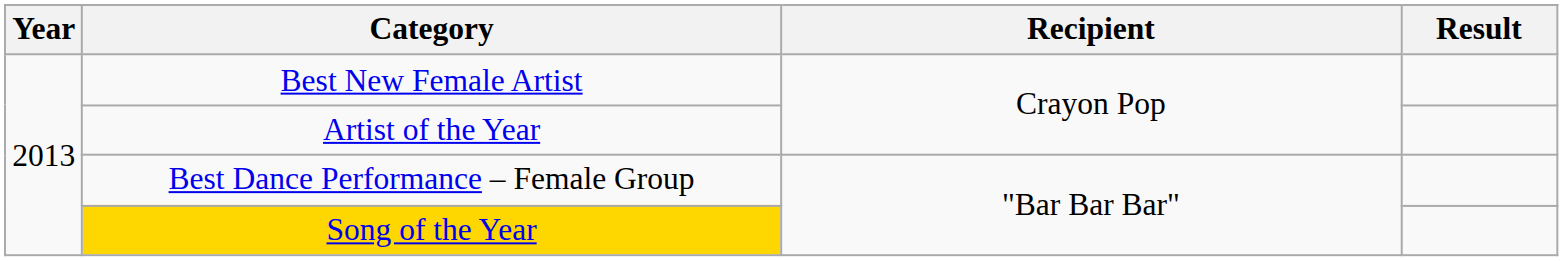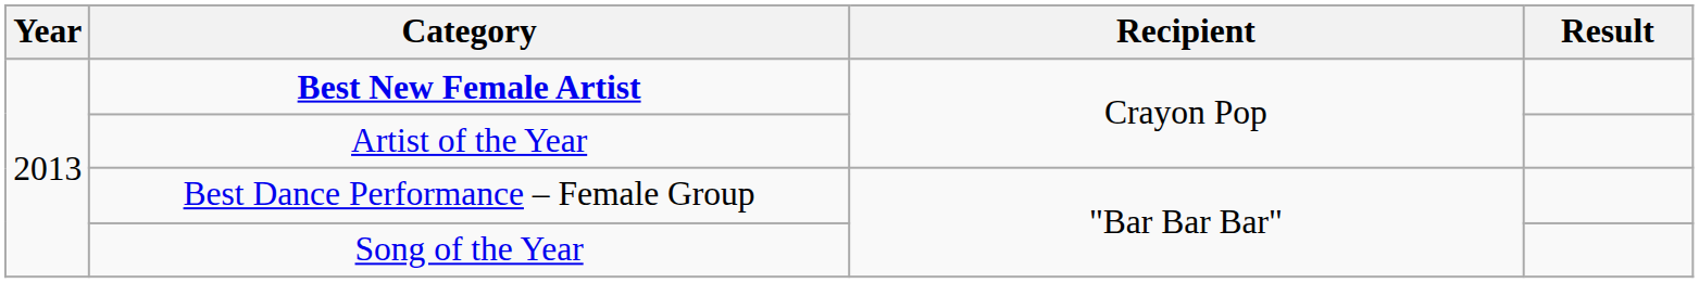 <table class="wikitable" style="text-align:center">
 <tr>
 <th width="5%">Year</th>
 <th width="45%">Category</th>
 <th width="40%">Recipient</th>
 <th width="10%">Result</th>
 </tr>
 <tr>
 <td rowspan="4">2013</td>
-<td><a href='#'>Best New Female Artist</a></td>
+<td><strong><a href='#'>Best New Female Artist</a></strong></td>
 <td rowspan="2">Crayon Pop</td>
 <td></td>
 </tr>
 <tr>
 <td><a href='#'>Artist of the Year</a></td>
 <td></td>
 </tr>
 <tr>
 <td><a href='#'>Best Dance Performance</a> – Female Group</td>
 <td rowspan="2">"Bar Bar Bar"</td>
 <td></td>
 </tr>
 <tr>
-<td style="background: gold;"><a href='#'>Song of the Year</a></td>
+<td><a href='#'>Song of the Year</a></td>
 <td></td>
 </tr>
 </table>
